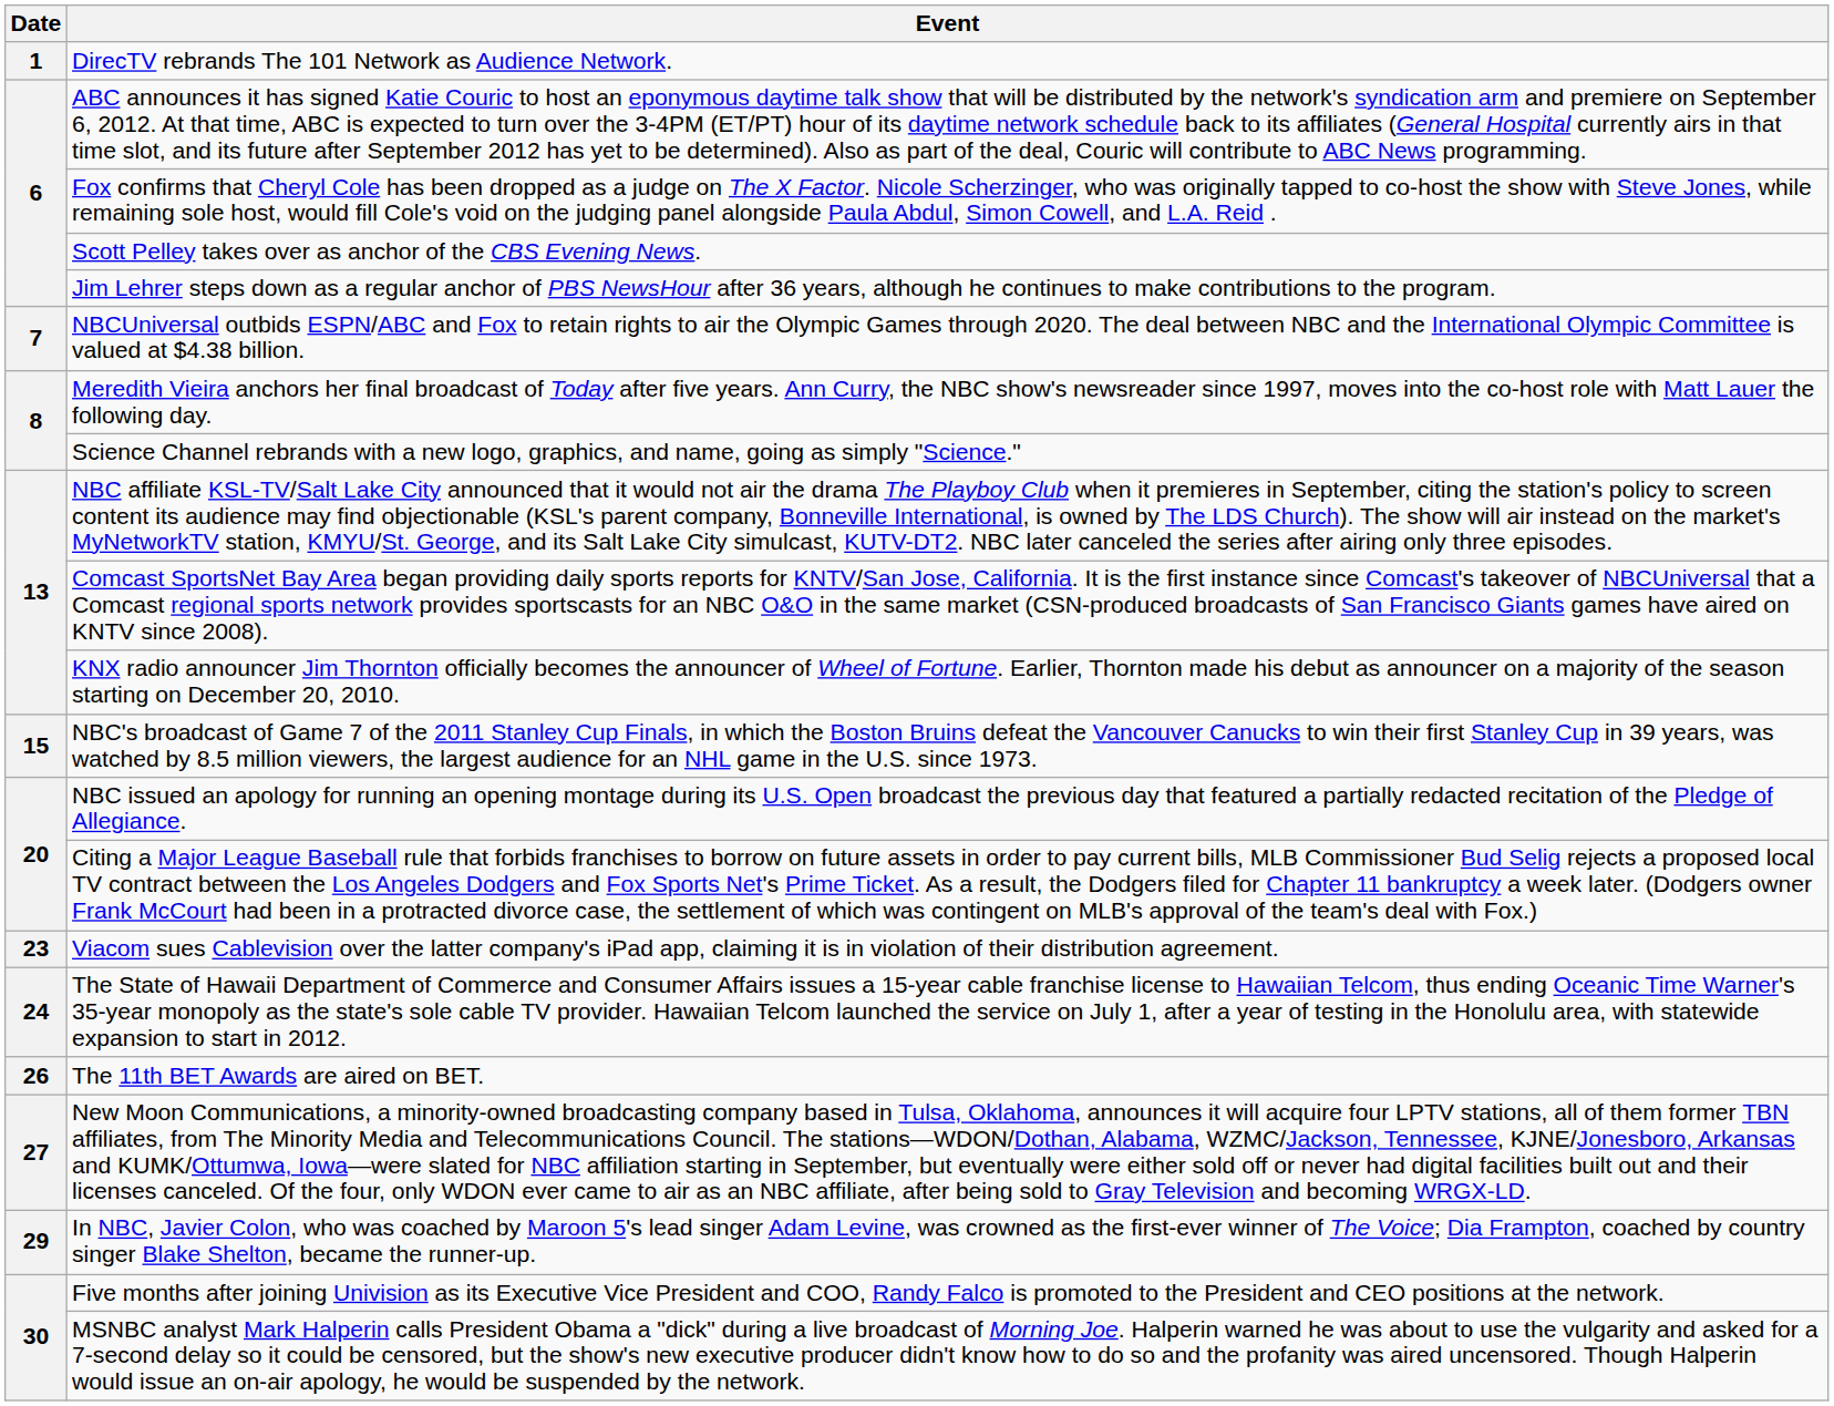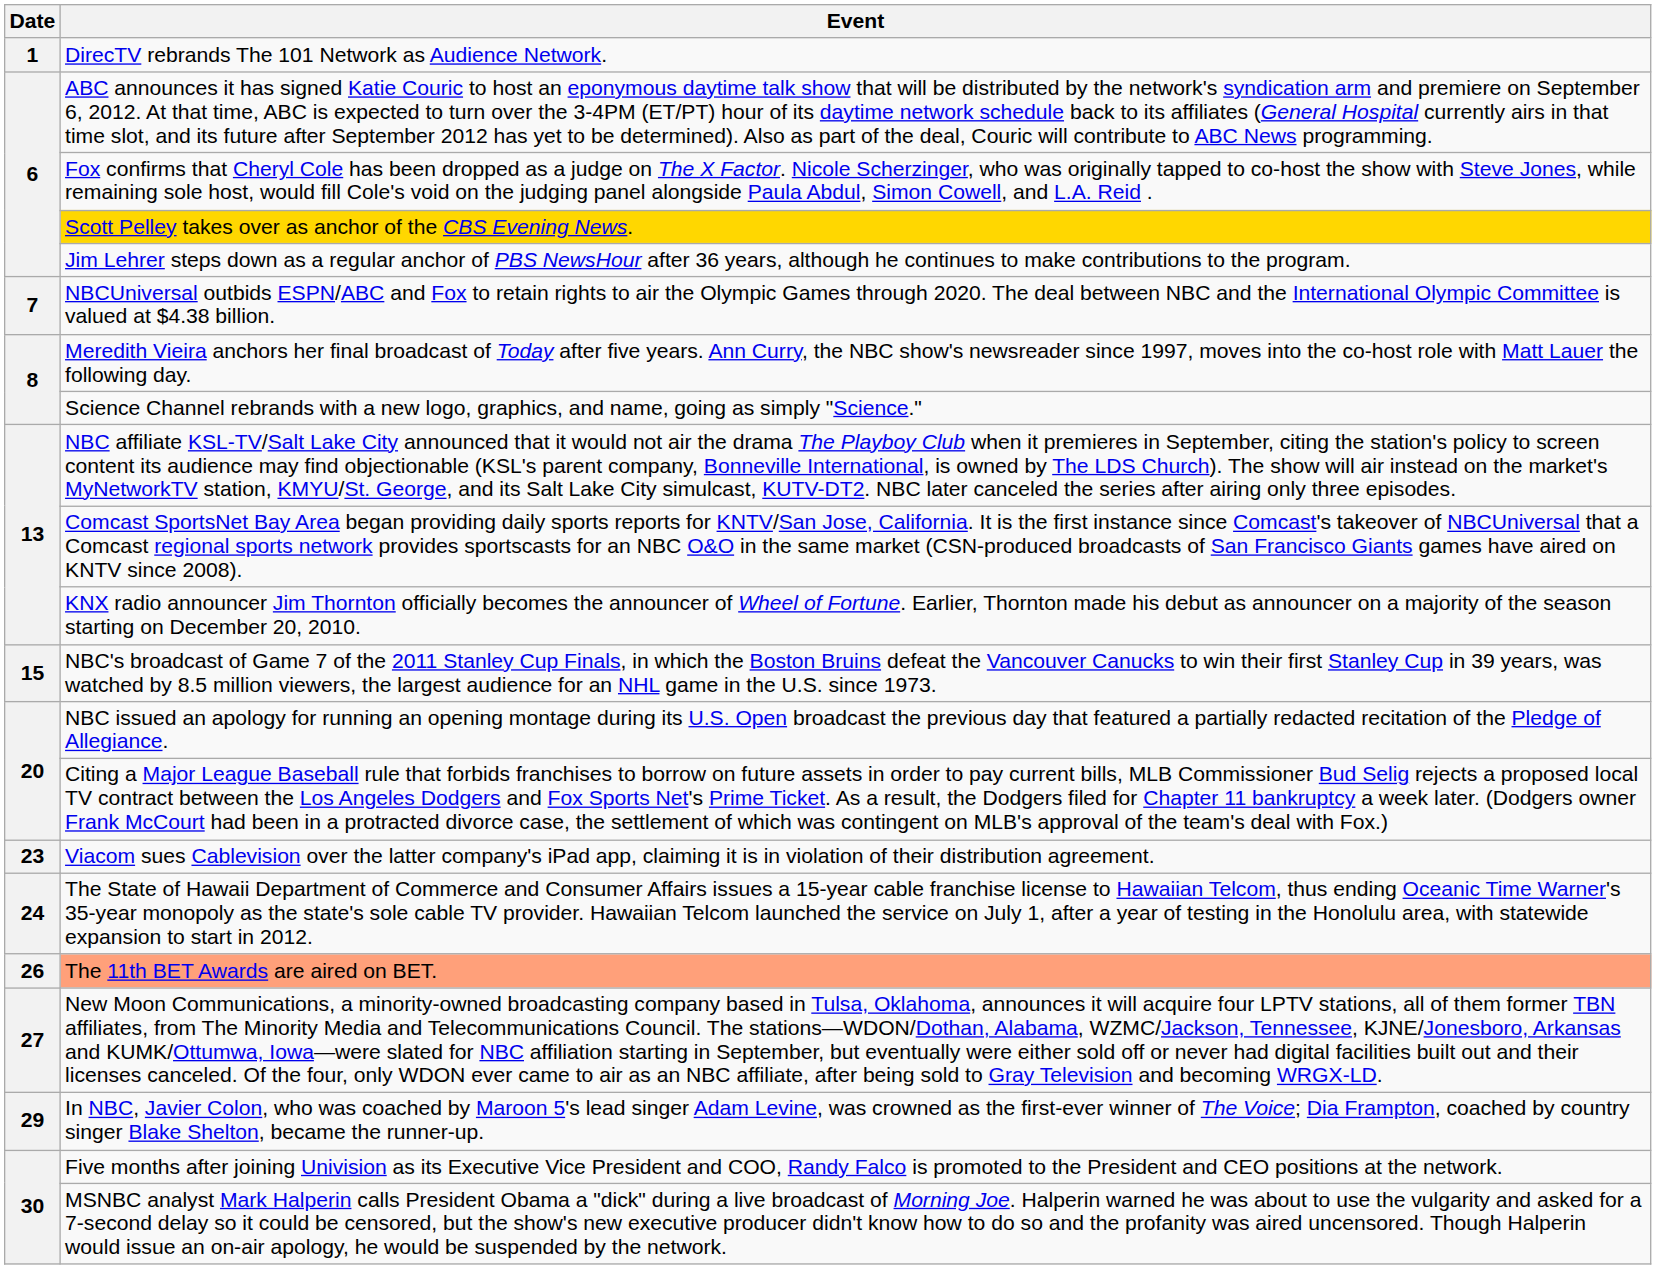 <table class="wikitable">
 <tr>
 <th>Date</th>
 <th>Event</th>
 </tr>
 <tr>
 <th>1</th>
 <td><a href='#'>DirecTV</a> rebrands The 101 Network as <a href='#'>Audience Network</a>.</td>
 </tr>
 <tr>
 <th rowspan="4">6</th>
 <td><a href='#'>ABC</a> announces it has signed <a href='#'>Katie Couric</a> to host an <a href='#'>eponymous daytime talk show</a> that will be distributed by the network's <a href='#'>syndication arm</a> and premiere on September 6, 2012. At that time, ABC is expected to turn over the 3-4PM (ET/PT) hour of its <a href='#'>daytime network schedule</a> back to its affiliates (<em><a href='#'>General Hospital</a></em> currently airs in that time slot, and its future after September 2012 has yet to be determined). Also as part of the deal, Couric will contribute to <a href='#'>ABC News</a> programming.</td>
 </tr>
 <tr>
 <td><a href='#'>Fox</a> confirms that <a href='#'>Cheryl Cole</a> has been dropped as a judge on <em><a href='#'>The X Factor</a></em>. <a href='#'>Nicole Scherzinger</a>, who was originally tapped to co-host the show with <a href='#'>Steve Jones</a>, while remaining sole host, would fill Cole's void on the judging panel alongside <a href='#'>Paula Abdul</a>, <a href='#'>Simon Cowell</a>, and <a href='#'>L.A. Reid</a> .</td>
 </tr>
 <tr>
-<td><a href='#'>Scott Pelley</a> takes over as anchor of the <em><a href='#'>CBS Evening News</a></em>.</td>
+<td style="background: gold;"><a href='#'>Scott Pelley</a> takes over as anchor of the <em><a href='#'>CBS Evening News</a></em>.</td>
 </tr>
 <tr>
 <td><a href='#'>Jim Lehrer</a> steps down as a regular anchor of <em><a href='#'>PBS NewsHour</a></em> after 36 years, although he continues to make contributions to the program.</td>
 </tr>
 <tr>
 <th>7</th>
 <td><a href='#'>NBCUniversal</a> outbids <a href='#'>ESPN</a>/<a href='#'>ABC</a> and <a href='#'>Fox</a> to retain rights to air the Olympic Games through 2020. The deal between NBC and the <a href='#'>International Olympic Committee</a> is valued at $4.38 billion.</td>
 </tr>
 <tr>
 <th rowspan="2">8</th>
 <td><a href='#'>Meredith Vieira</a> anchors her final broadcast of <em><a href='#'>Today</a></em> after five years. <a href='#'>Ann Curry</a>, the NBC show's newsreader since 1997, moves into the co-host role with <a href='#'>Matt Lauer</a> the following day.</td>
 </tr>
 <tr>
 <td>Science Channel rebrands with a new logo, graphics, and name, going as simply "<a href='#'>Science</a>."</td>
 </tr>
 <tr>
 <th rowspan="3">13</th>
 <td><a href='#'>NBC</a> affiliate <a href='#'>KSL-TV</a>/<a href='#'>Salt Lake City</a> announced that it would not air the drama <em><a href='#'>The Playboy Club</a></em> when it premieres in September, citing the station's policy to screen content its audience may find objectionable (KSL's parent company, <a href='#'>Bonneville International</a>, is owned by <a href='#'>The LDS Church</a>).  The show will air instead on the market's <a href='#'>MyNetworkTV</a> station, <a href='#'>KMYU</a>/<a href='#'>St. George</a>, and its Salt Lake City simulcast, <a href='#'>KUTV-DT2</a>. NBC later canceled the series after airing only three episodes.</td>
 </tr>
 <tr>
 <td><a href='#'>Comcast SportsNet Bay Area</a> began providing daily sports reports for <a href='#'>KNTV</a>/<a href='#'>San Jose, California</a>. It is the first instance since <a href='#'>Comcast</a>'s takeover of <a href='#'>NBCUniversal</a> that a Comcast <a href='#'>regional sports network</a> provides sportscasts for an NBC <a href='#'>O&O</a> in the same market (CSN-produced broadcasts of <a href='#'>San Francisco Giants</a> games have aired on KNTV since 2008).</td>
 </tr>
 <tr>
 <td><a href='#'>KNX</a> radio announcer <a href='#'>Jim Thornton</a> officially becomes the announcer of <em><a href='#'>Wheel of Fortune</a></em>. Earlier, Thornton made his debut as announcer on a majority of the season starting on December 20, 2010.</td>
 </tr>
 <tr>
 <th>15</th>
 <td>NBC's broadcast of Game 7 of the <a href='#'>2011 Stanley Cup Finals</a>, in which the <a href='#'>Boston Bruins</a> defeat the <a href='#'>Vancouver Canucks</a> to win their first <a href='#'>Stanley Cup</a> in 39 years, was watched by 8.5 million viewers, the largest audience for an <a href='#'>NHL</a> game in the U.S. since 1973.</td>
 </tr>
 <tr>
 <th rowspan="2">20</th>
 <td>NBC issued an apology for running an opening montage during its <a href='#'>U.S. Open</a> broadcast the previous day that featured a partially redacted recitation of the <a href='#'>Pledge of Allegiance</a>.</td>
 </tr>
 <tr>
 <td>Citing a <a href='#'>Major League Baseball</a> rule that forbids franchises to borrow on future assets in order to pay current bills, MLB Commissioner <a href='#'>Bud Selig</a> rejects a proposed local TV contract between the <a href='#'>Los Angeles Dodgers</a> and <a href='#'>Fox Sports Net</a>'s <a href='#'>Prime Ticket</a>. As a result, the Dodgers filed for <a href='#'>Chapter 11 bankruptcy</a> a week later. (Dodgers owner <a href='#'>Frank McCourt</a> had been in a protracted divorce case, the settlement of which was contingent on MLB's approval of the team's deal with Fox.)</td>
 </tr>
 <tr>
 <th>23</th>
 <td><a href='#'>Viacom</a> sues <a href='#'>Cablevision</a> over the latter company's iPad app, claiming it is in violation of their distribution agreement.</td>
 </tr>
 <tr>
 <th>24</th>
 <td>The State of Hawaii Department of Commerce and Consumer Affairs issues a 15-year cable franchise license to <a href='#'>Hawaiian Telcom</a>, thus ending <a href='#'>Oceanic Time Warner</a>'s 35-year monopoly as the state's sole cable TV provider. Hawaiian Telcom launched the service on July 1, after a year of testing in the Honolulu area, with statewide expansion to start in 2012.</td>
 </tr>
 <tr>
 <th>26</th>
-<td>The <a href='#'>11th BET Awards</a> are aired on BET.</td>
+<td style="background: lightsalmon;">The <a href='#'>11th BET Awards</a> are aired on BET.</td>
 </tr>
 <tr>
 <th>27</th>
 <td>New Moon Communications, a minority-owned broadcasting company based in <a href='#'>Tulsa, Oklahoma</a>, announces it will acquire four LPTV stations, all of them former <a href='#'>TBN</a> affiliates, from The Minority Media and Telecommunications Council. The stations—WDON/<a href='#'>Dothan, Alabama</a>, WZMC/<a href='#'>Jackson, Tennessee</a>, KJNE/<a href='#'>Jonesboro, Arkansas</a> and KUMK/<a href='#'>Ottumwa, Iowa</a>—were slated for <a href='#'>NBC</a> affiliation starting in September, but eventually were either sold off or never had digital facilities built out and their licenses canceled. Of the four, only WDON ever came to air as an NBC affiliate, after being sold to <a href='#'>Gray Television</a> and becoming <a href='#'>WRGX-LD</a>.</td>
 </tr>
 <tr>
 <th>29</th>
 <td>In <a href='#'>NBC</a>, <a href='#'>Javier Colon</a>, who was coached by <a href='#'>Maroon 5</a>'s lead singer <a href='#'>Adam Levine</a>, was crowned as the first-ever winner of <em><a href='#'>The Voice</a></em>; <a href='#'>Dia Frampton</a>, coached by country singer <a href='#'>Blake Shelton</a>, became the runner-up.</td>
 </tr>
 <tr>
 <th rowspan="2">30</th>
 <td>Five months after joining <a href='#'>Univision</a> as its Executive Vice President and COO, <a href='#'>Randy Falco</a> is promoted to the President and CEO positions at the network.</td>
 </tr>
 <tr>
 <td>MSNBC analyst <a href='#'>Mark Halperin</a> calls President Obama a "dick" during a live broadcast of <em><a href='#'>Morning Joe</a></em>. Halperin warned he was about to use the vulgarity and asked for a 7-second delay so it could be censored, but the show's new executive producer didn't know how to do so and the profanity was aired uncensored. Though Halperin would issue an on-air apology, he would be suspended by the network.</td>
 </tr>
 </table>
